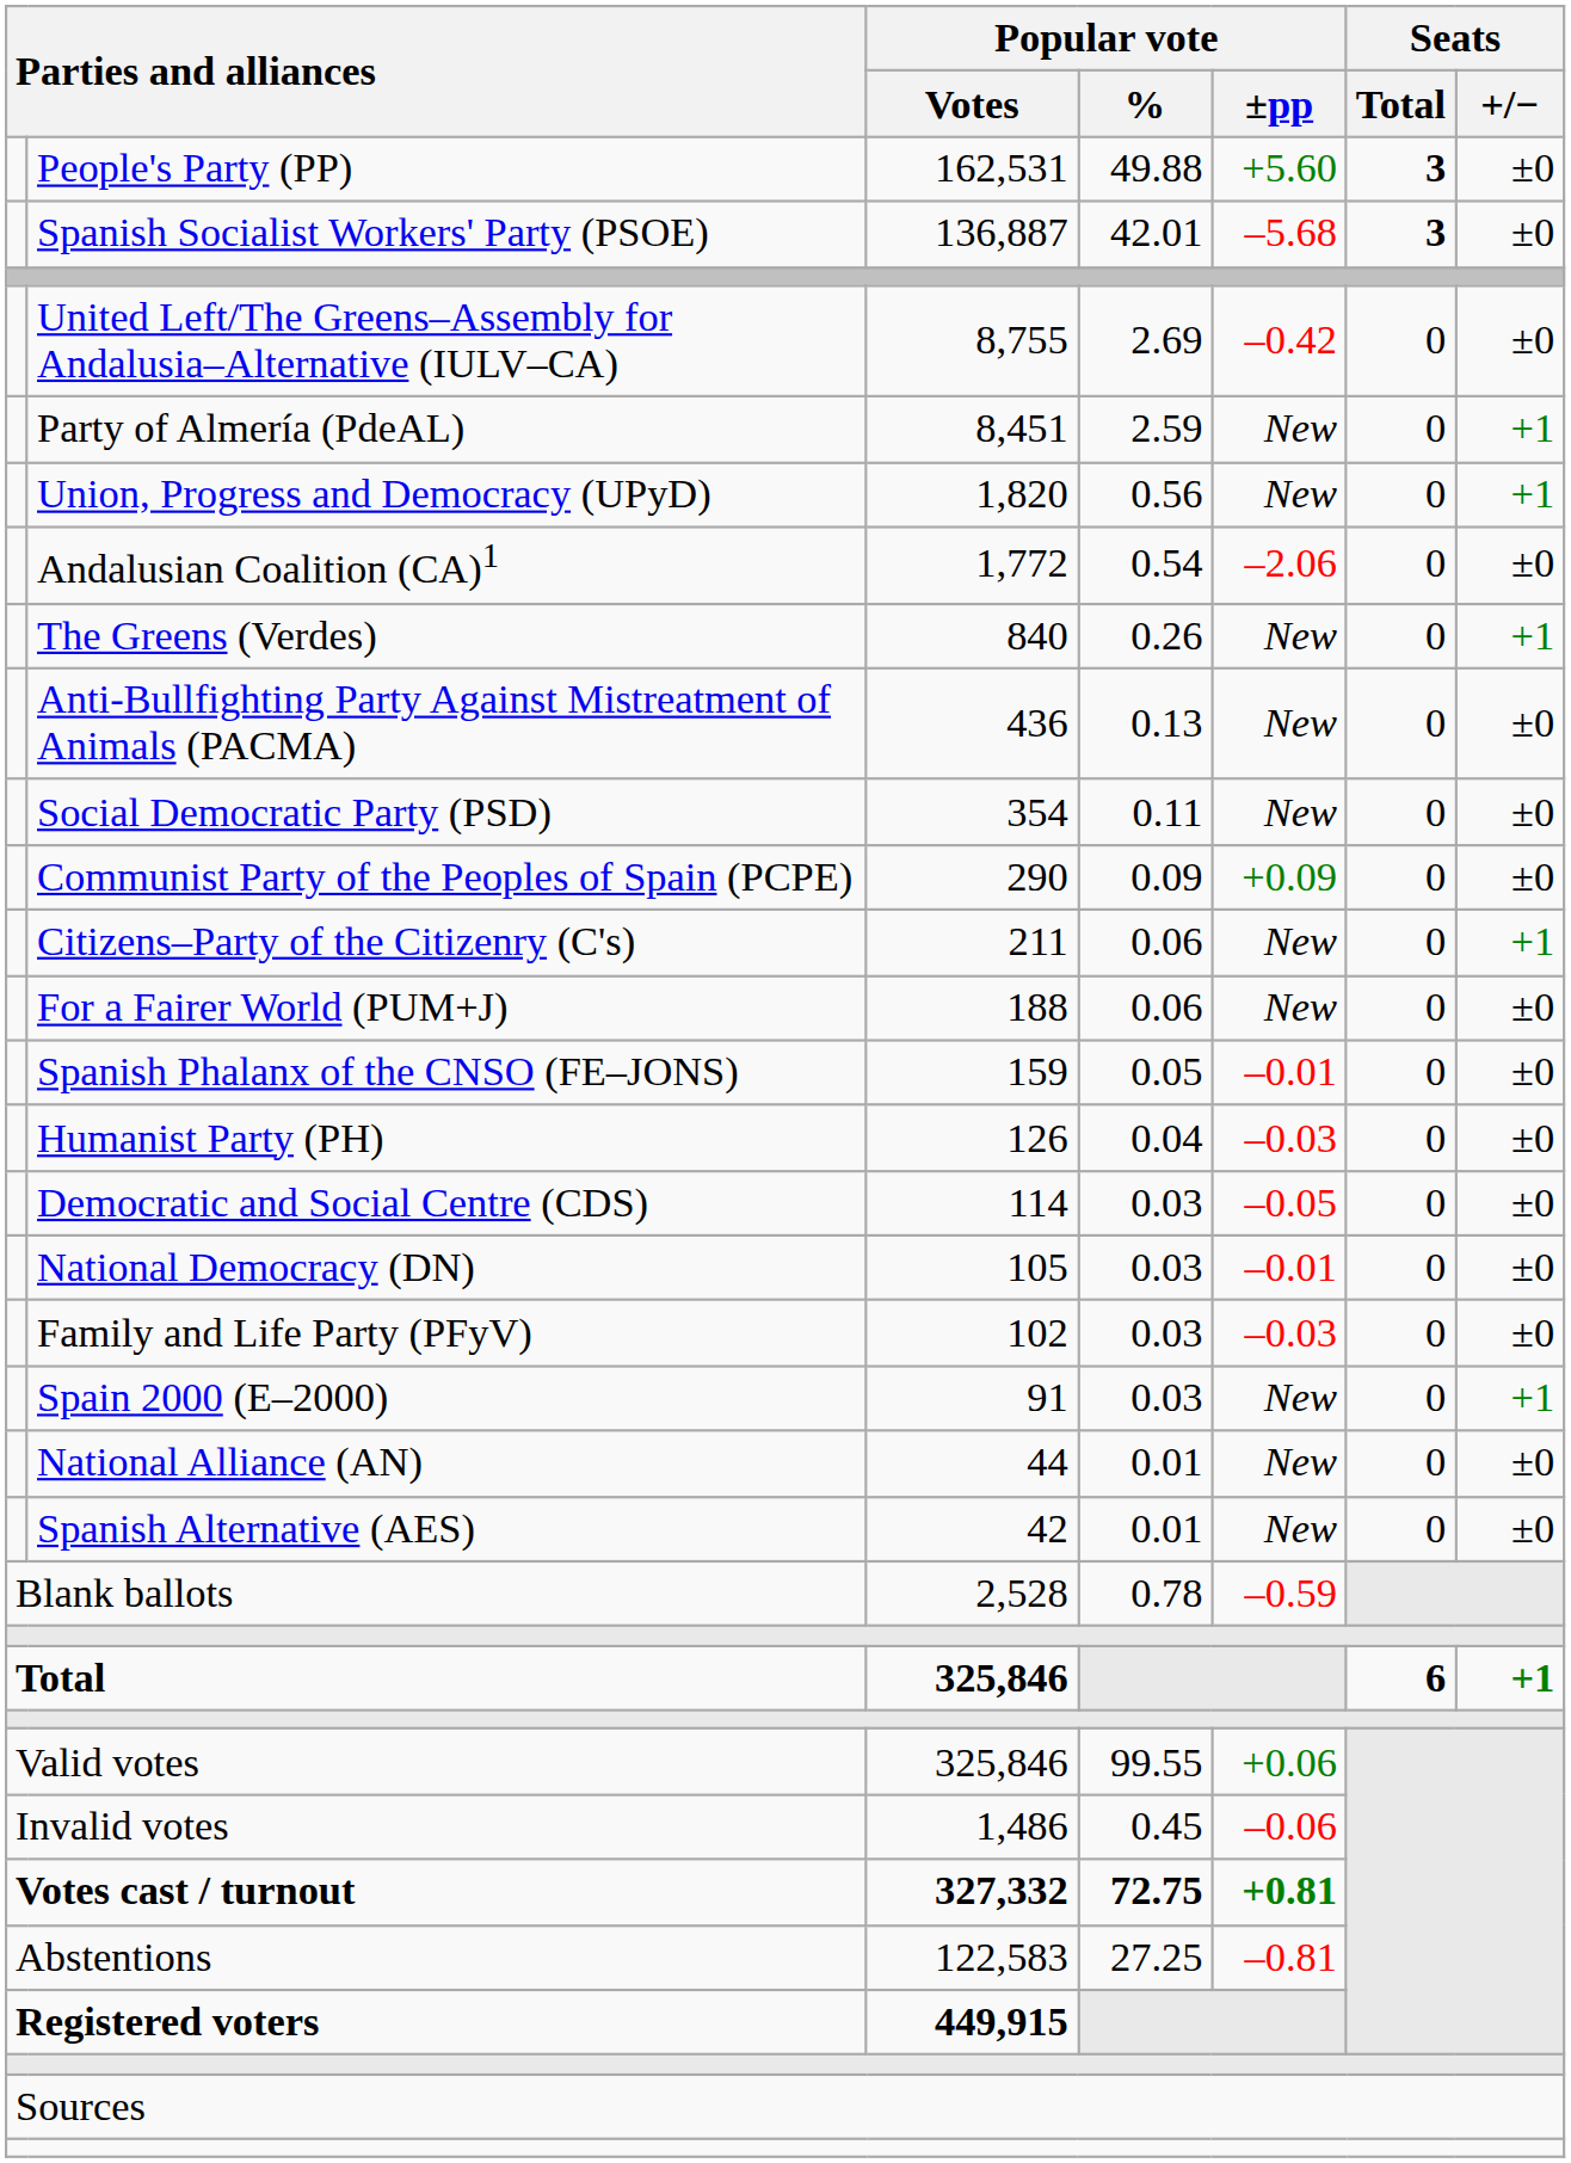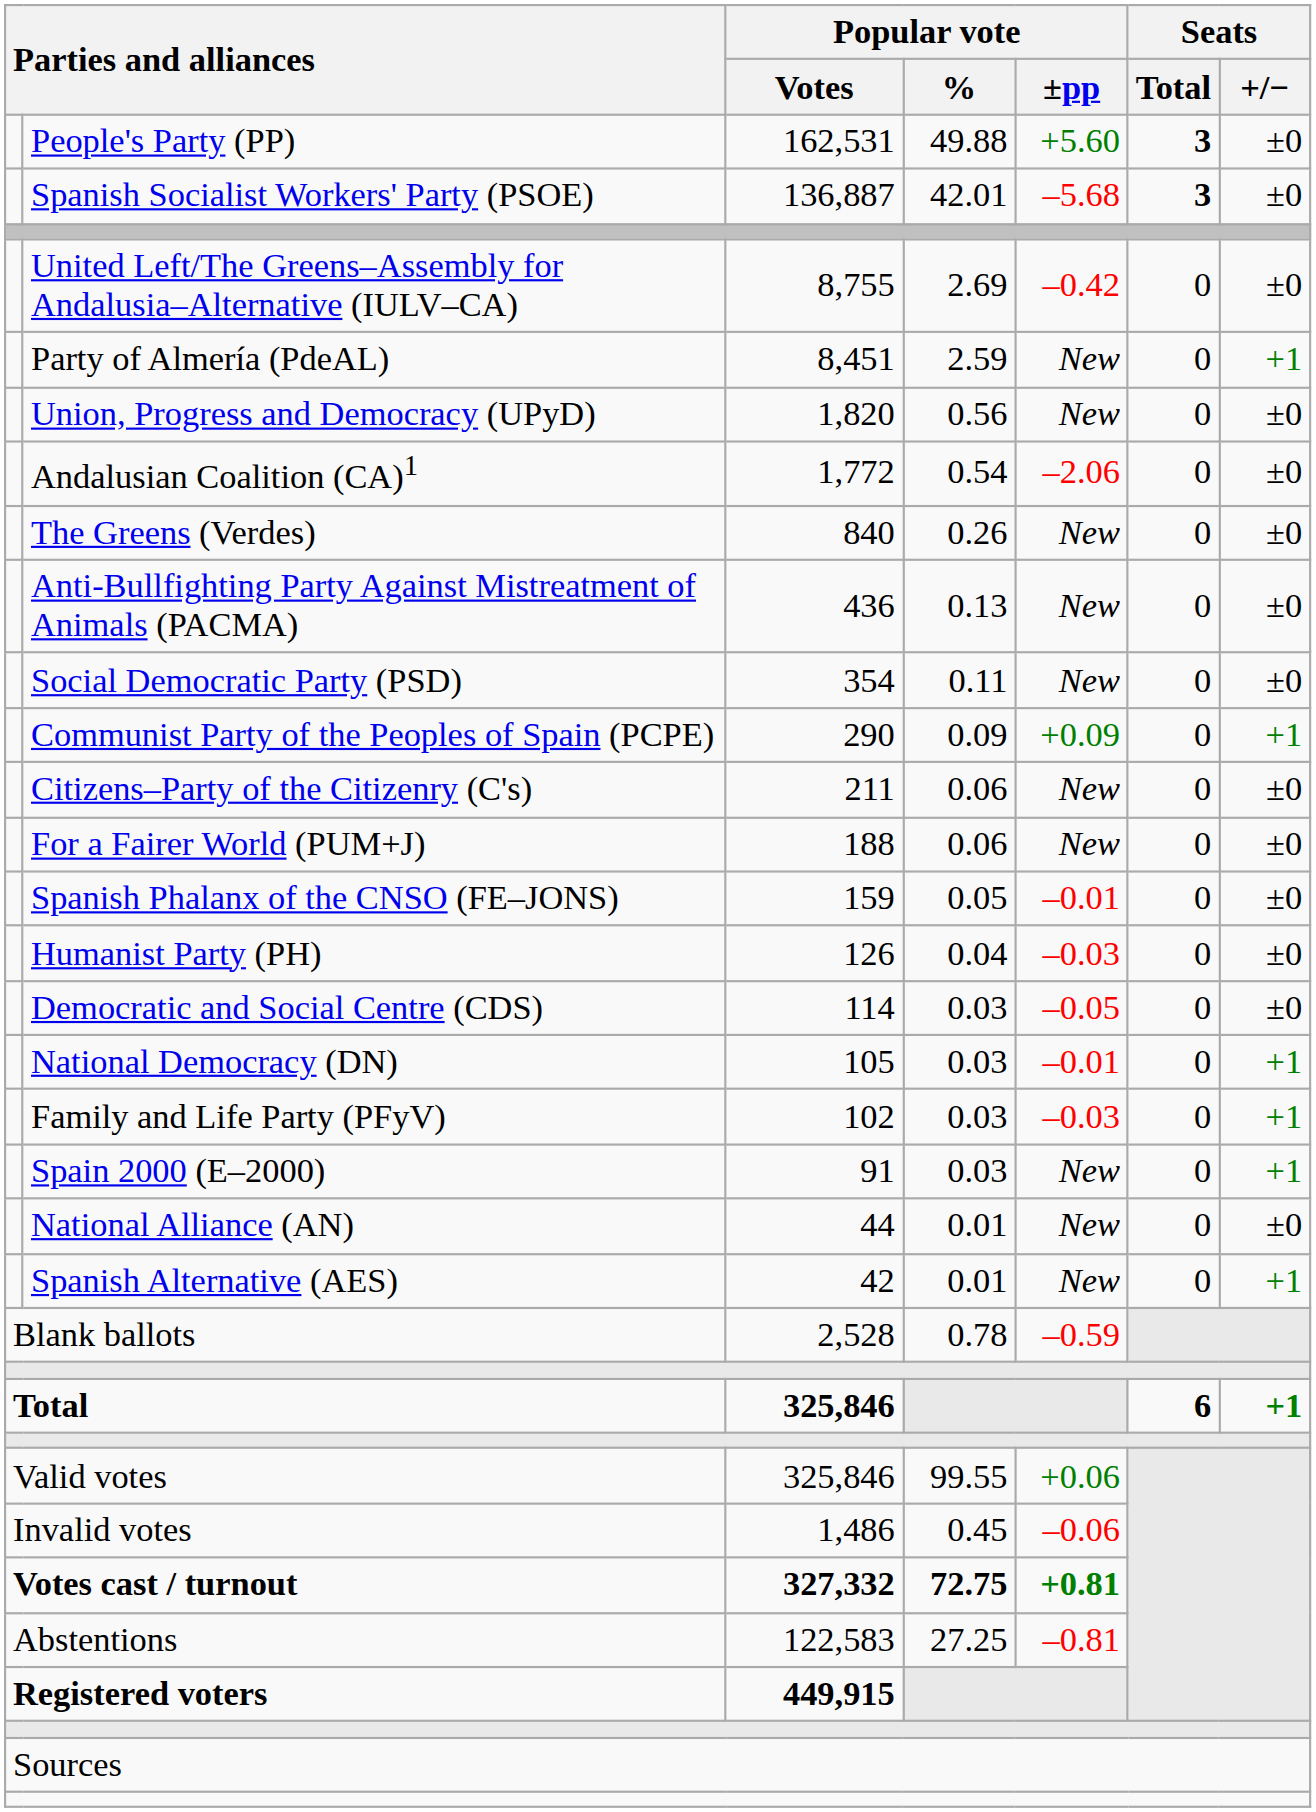 <table class="wikitable" style="text-align:right;">
 <tr>
 <th style="text-align:left;" rowspan="2" colspan="2" width="525">Parties and alliances</th>
 <th colspan="3">Popular vote</th>
 <th colspan="2">Seats</th>
 </tr>
 <tr>
 <th width="75">Votes</th>
 <th width="45">%</th>
 <th width="45">±<a href='#'>pp</a></th>
 <th width="35">Total</th>
 <th width="35">+/−</th>
 </tr>
 <tr>
 <td width="1" style="color:inherit;background:"></td>
 <td align="left"><a href='#'>People's Party</a> (PP)</td>
 <td>162,531</td>
 <td>49.88</td>
 <td style="color:green;">+5.60</td>
 <td><strong>3</strong></td>
 <td>±0</td>
 </tr>
 <tr>
 <td style="color:inherit;background:"></td>
 <td align="left"><a href='#'>Spanish Socialist Workers' Party</a> (PSOE)</td>
 <td>136,887</td>
 <td>42.01</td>
 <td style="color:red;">–5.68</td>
 <td><strong>3</strong></td>
 <td>±0</td>
 </tr>
 <tr>
 <td colspan="7" bgcolor="#C0C0C0"></td>
 </tr>
 <tr>
 <td style="color:inherit;background:"></td>
 <td align="left"><a href='#'>United Left/The Greens–Assembly for Andalusia–Alternative</a> (IULV–CA)</td>
 <td>8,755</td>
 <td>2.69</td>
 <td style="color:red;">–0.42</td>
 <td>0</td>
 <td>±0</td>
 </tr>
 <tr>
 <td style="color:inherit;background:"></td>
 <td align="left">Party of Almería (PdeAL)</td>
 <td>8,451</td>
 <td>2.59</td>
 <td><em>New</em></td>
 <td>0</td>
 <td style="color:green;">+1</td>
 </tr>
 <tr>
 <td style="color:inherit;background:"></td>
 <td align="left"><a href='#'>Union, Progress and Democracy</a> (UPyD)</td>
 <td>1,820</td>
 <td>0.56</td>
 <td><em>New</em></td>
 <td>0</td>
-<td style="color:green;">+1</td>
+<td>±0</td>
 </tr>
 <tr>
 <td style="color:inherit;background:"></td>
 <td align="left">Andalusian Coalition (CA)<sup>1</sup></td>
 <td>1,772</td>
 <td>0.54</td>
 <td style="color:red;">–2.06</td>
 <td>0</td>
 <td>±0</td>
 </tr>
 <tr>
 <td style="color:inherit;background:"></td>
 <td align="left"><a href='#'>The Greens</a> (Verdes)</td>
 <td>840</td>
 <td>0.26</td>
 <td><em>New</em></td>
 <td>0</td>
-<td style="color:green;">+1</td>
+<td>±0</td>
 </tr>
 <tr>
 <td style="color:inherit;background:"></td>
 <td align="left"><a href='#'>Anti-Bullfighting Party Against Mistreatment of Animals</a> (PACMA)</td>
 <td>436</td>
 <td>0.13</td>
 <td><em>New</em></td>
 <td>0</td>
 <td>±0</td>
 </tr>
 <tr>
 <td style="color:inherit;background:"></td>
 <td align="left"><a href='#'>Social Democratic Party</a> (PSD)</td>
 <td>354</td>
 <td>0.11</td>
 <td><em>New</em></td>
 <td>0</td>
 <td>±0</td>
 </tr>
 <tr>
 <td style="color:inherit;background:"></td>
 <td align="left"><a href='#'>Communist Party of the Peoples of Spain</a> (PCPE)</td>
 <td>290</td>
 <td>0.09</td>
 <td style="color:green;">+0.09</td>
 <td>0</td>
-<td>±0</td>
+<td style="color:green;">+1</td>
 </tr>
 <tr>
 <td style="color:inherit;background:"></td>
 <td align="left"><a href='#'>Citizens–Party of the Citizenry</a> (C's)</td>
 <td>211</td>
 <td>0.06</td>
 <td><em>New</em></td>
 <td>0</td>
-<td style="color:green;">+1</td>
+<td>±0</td>
 </tr>
 <tr>
 <td style="color:inherit;background:"></td>
 <td align="left"><a href='#'>For a Fairer World</a> (PUM+J)</td>
 <td>188</td>
 <td>0.06</td>
 <td><em>New</em></td>
 <td>0</td>
 <td>±0</td>
 </tr>
 <tr>
 <td style="color:inherit;background:"></td>
 <td align="left"><a href='#'>Spanish Phalanx of the CNSO</a> (FE–JONS)</td>
 <td>159</td>
 <td>0.05</td>
 <td style="color:red;">–0.01</td>
 <td>0</td>
 <td>±0</td>
 </tr>
 <tr>
 <td style="color:inherit;background:"></td>
 <td align="left"><a href='#'>Humanist Party</a> (PH)</td>
 <td>126</td>
 <td>0.04</td>
 <td style="color:red;">–0.03</td>
 <td>0</td>
 <td>±0</td>
 </tr>
 <tr>
 <td style="color:inherit;background:"></td>
 <td align="left"><a href='#'>Democratic and Social Centre</a> (CDS)</td>
 <td>114</td>
 <td>0.03</td>
 <td style="color:red;">–0.05</td>
 <td>0</td>
 <td>±0</td>
 </tr>
 <tr>
 <td style="color:inherit;background:"></td>
 <td align="left"><a href='#'>National Democracy</a> (DN)</td>
 <td>105</td>
 <td>0.03</td>
 <td style="color:red;">–0.01</td>
 <td>0</td>
-<td>±0</td>
+<td style="color:green;">+1</td>
 </tr>
 <tr>
 <td style="color:inherit;background:"></td>
 <td align="left">Family and Life Party (PFyV)</td>
 <td>102</td>
 <td>0.03</td>
 <td style="color:red;">–0.03</td>
 <td>0</td>
-<td>±0</td>
+<td style="color:green;">+1</td>
 </tr>
 <tr>
 <td style="color:inherit;background:"></td>
 <td align="left"><a href='#'>Spain 2000</a> (E–2000)</td>
 <td>91</td>
 <td>0.03</td>
 <td><em>New</em></td>
 <td>0</td>
 <td style="color:green;">+1</td>
 </tr>
 <tr>
 <td style="color:inherit;background:"></td>
 <td align="left"><a href='#'>National Alliance</a> (AN)</td>
 <td>44</td>
 <td>0.01</td>
 <td><em>New</em></td>
 <td>0</td>
 <td>±0</td>
 </tr>
 <tr>
 <td style="color:inherit;background:"></td>
 <td align="left"><a href='#'>Spanish Alternative</a> (AES)</td>
 <td>42</td>
 <td>0.01</td>
 <td><em>New</em></td>
 <td>0</td>
-<td>±0</td>
+<td style="color:green;">+1</td>
 </tr>
 <tr>
 <td align="left" colspan="2">Blank ballots</td>
 <td>2,528</td>
 <td>0.78</td>
 <td style="color:red;">–0.59</td>
 <td bgcolor="#E9E9E9" colspan="2"></td>
 </tr>
 <tr>
 <td colspan="7" bgcolor="#E9E9E9"></td>
 </tr>
 <tr style="font-weight:bold;">
 <td align="left" colspan="2">Total</td>
 <td>325,846</td>
 <td bgcolor="#E9E9E9" colspan="2"></td>
 <td>6</td>
 <td style="color:green;">+1</td>
 </tr>
 <tr>
 <td colspan="7" bgcolor="#E9E9E9"></td>
 </tr>
 <tr>
 <td align="left" colspan="2">Valid votes</td>
 <td>325,846</td>
 <td>99.55</td>
 <td style="color:green;">+0.06</td>
 <td bgcolor="#E9E9E9" colspan="2" rowspan="5"></td>
 </tr>
 <tr>
 <td align="left" colspan="2">Invalid votes</td>
 <td>1,486</td>
 <td>0.45</td>
 <td style="color:red;">–0.06</td>
 </tr>
 <tr style="font-weight:bold;">
 <td align="left" colspan="2">Votes cast / turnout</td>
 <td>327,332</td>
 <td>72.75</td>
 <td style="color:green;">+0.81</td>
 </tr>
 <tr>
 <td align="left" colspan="2">Abstentions</td>
 <td>122,583</td>
 <td>27.25</td>
 <td style="color:red;">–0.81</td>
 </tr>
 <tr style="font-weight:bold;">
 <td align="left" colspan="2">Registered voters</td>
 <td>449,915</td>
 <td bgcolor="#E9E9E9" colspan="2"></td>
 </tr>
 <tr>
 <td colspan="7" bgcolor="#E9E9E9"></td>
 </tr>
 <tr>
 <td align="left" colspan="7">Sources</td>
 </tr>
 <tr>
 <td colspan="7" style="text-align:left; max-width:790px;"></td>
 </tr>
 </table>
